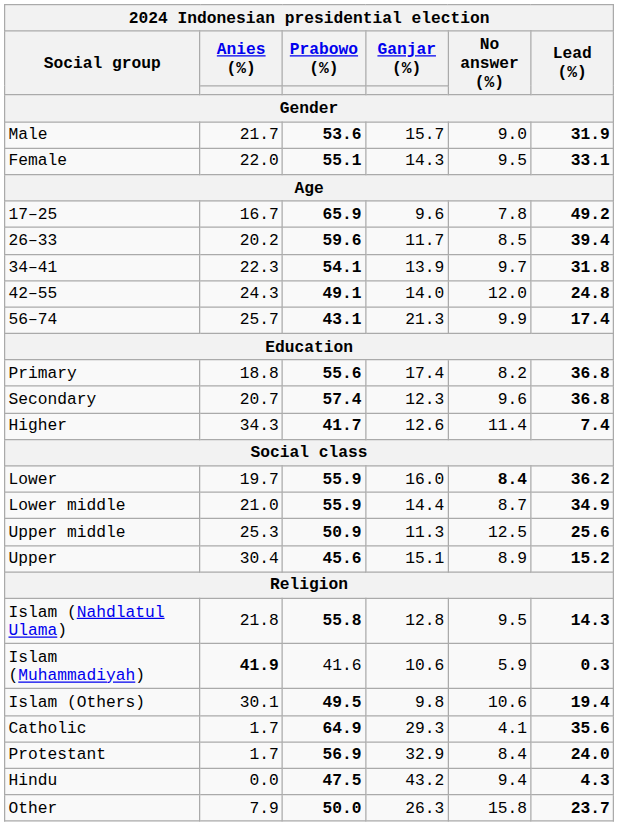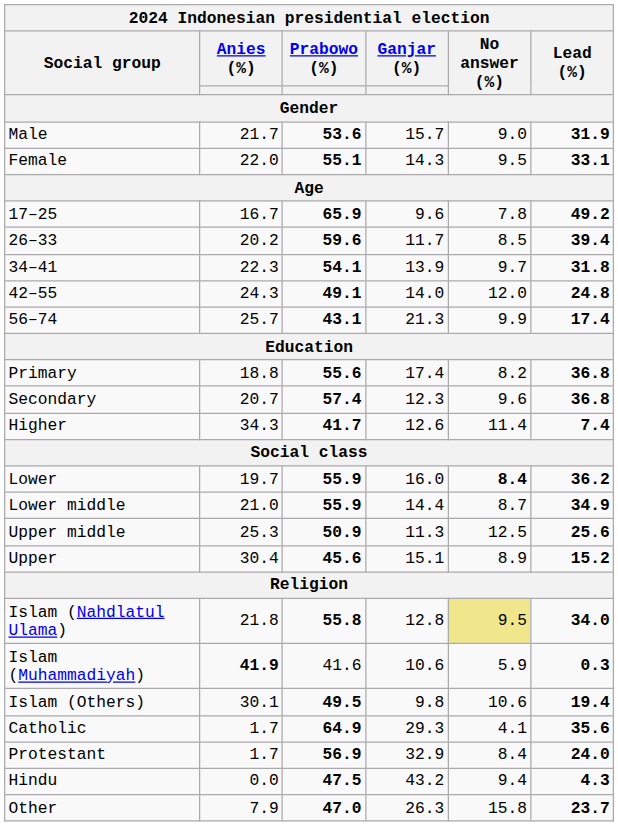 <table class=wikitable>
 <tr>
 <th colspan="6">2024 Indonesian presidential election</th>
 </tr>
 <tr>
 <th style="width:150px;" rowspan="2">Social group</th>
 <th style="width:60px;" class="unsortable"><a href='#'>Anies</a><br>(%)</th>
 <th style="width:60px;" class="unsortable"><a href='#'>Prabowo</a><br>(%)</th>
 <th style="width:60px;" class="unsortable"><a href='#'>Ganjar</a><br>(%)</th>
 <th style="width:60px;" rowspan="2" class="unsortable">No answer<br>(%)</th>
 <th style="width:60px;" rowspan="2" class="unsortable">Lead<br>(%)</th>
 </tr>
 <tr>
 <th class="unsortable" style="color:inherit;background:"></th>
 <th class="unsortable" style="color:inherit;background:"></th>
 <th class="unsortable" style="color:inherit;background:"></th>
 </tr>
 <tr>
 <th colspan="6">Gender</th>
 </tr>
 <tr>
 <td>Male</td>
 <td style="text-align:right;">21.7</td>
 <td style="text-align:right;background:"><strong>53.6</strong></td>
 <td style="text-align:right;">15.7</td>
 <td style="text-align:right;">9.0</td>
 <td style="text-align:right; background:"><strong>31.9</strong></td>
 </tr>
 <tr>
 <td>Female</td>
 <td style="text-align:right;">22.0</td>
 <td style="text-align:right;background:"><strong>55.1</strong></td>
 <td style="text-align:right;">14.3</td>
 <td style="text-align:right;">9.5</td>
 <td style="text-align:right; background:"><strong>33.1</strong></td>
 </tr>
 <tr>
 <th colspan="6">Age</th>
 </tr>
 <tr>
 <td>17–25</td>
 <td style="text-align:right;">16.7</td>
 <td style="text-align:right;background:"><strong>65.9</strong></td>
 <td style="text-align:right;">9.6</td>
 <td style="text-align:right;">7.8</td>
 <td style="text-align:right; background: "><strong>49.2</strong></td>
 </tr>
 <tr>
 <td>26–33</td>
 <td style="text-align:right;">20.2</td>
 <td style="text-align:right;background:"><strong>59.6</strong></td>
 <td style="text-align:right;">11.7</td>
 <td style="text-align:right;">8.5</td>
 <td style="text-align:right; background: "><strong>39.4</strong></td>
 </tr>
 <tr>
 <td>34–41</td>
 <td style="text-align:right;">22.3</td>
 <td style="text-align:right;background:"><strong>54.1</strong></td>
 <td style="text-align:right;">13.9</td>
 <td style="text-align:right;">9.7</td>
 <td style="text-align:right; background: "><strong>31.8</strong></td>
 </tr>
 <tr>
 <td>42–55</td>
 <td style="text-align:right;">24.3</td>
 <td style="text-align:right;background:"><strong>49.1</strong></td>
 <td style="text-align:right;">14.0</td>
 <td style="text-align:right;">12.0</td>
 <td style="text-align:right; background:"><strong>24.8</strong></td>
 </tr>
 <tr>
 <td>56–74</td>
 <td style="text-align:right;”">25.7</td>
 <td style="text-align:right;background:"><strong> 43.1</strong></td>
 <td style="text-align:right;">21.3</td>
 <td style="text-align:right;">9.9</td>
 <td style="text-align:right; background: "><strong>17.4</strong></td>
 </tr>
 <tr>
 <th colspan="6">Education</th>
 </tr>
 <tr>
 <td>Primary</td>
 <td style="text-align:right;”">18.8</td>
 <td style="text-align:right;background:"><strong>55.6</strong></td>
 <td style="text-align:right;">17.4</td>
 <td style="text-align:right;">8.2</td>
 <td style="text-align:right; background: "><strong>36.8</strong></td>
 </tr>
 <tr>
 <td>Secondary</td>
 <td style="text-align:right;”">20.7</td>
 <td style="text-align:right;background:"><strong>57.4</strong></td>
 <td style="text-align:right;">12.3</td>
 <td style="text-align:right;">9.6</td>
 <td style="text-align:right; background: "><strong>36.8</strong></td>
 </tr>
 <tr>
 <td>Higher</td>
 <td style="text-align:right;”">34.3</td>
 <td style="text-align:right;background:"><strong>41.7</strong></td>
 <td style="text-align:right;">12.6</td>
 <td style="text-align:right;">11.4</td>
 <td style="text-align:right; background: "><strong>7.4</strong></td>
 </tr>
 <tr>
 <th colspan="6">Social class</th>
 </tr>
 <tr>
 <td>Lower</td>
 <td style="text-align:right;”">19.7</td>
 <td style="text-align:right;background:"><strong>55.9</strong></td>
 <td style="text-align:right;">16.0</td>
 <td style="text-align:right;"><strong>8.4</strong></td>
 <td style="text-align:right; background: "><strong>36.2</strong></td>
 </tr>
 <tr>
 <td>Lower middle</td>
 <td style="text-align:right;”">21.0</td>
 <td style="text-align:right;background:"><strong>55.9</strong></td>
 <td style="text-align:right;">14.4</td>
 <td style="text-align:right;">8.7</td>
 <td style="text-align:right; background: "><strong>34.9</strong></td>
 </tr>
 <tr>
 <td>Upper middle</td>
 <td style="text-align:right;”">25.3</td>
 <td style="text-align:right;background:"><strong>50.9</strong></td>
 <td style="text-align:right;">11.3</td>
 <td style="text-align:right;">12.5</td>
 <td style="text-align:right; background: "><strong>25.6</strong></td>
 </tr>
 <tr>
 <td>Upper</td>
 <td style="text-align:right;”">30.4</td>
 <td style="text-align:right;background:"><strong>45.6</strong></td>
 <td style="text-align:right;">15.1</td>
 <td style="text-align:right;">8.9</td>
 <td style="text-align:right; background: "><strong>15.2</strong></td>
 </tr>
 <tr>
 <th colspan="6">Religion</th>
 </tr>
 <tr>
 <td>Islam (<a href='#'>Nahdlatul Ulama</a>)</td>
 <td style="text-align:right;”">21.8</td>
 <td style="text-align:right;background:"><strong>55.8</strong></td>
 <td style="text-align:right;">12.8</td>
-<td style="text-align:right;">9.5</td>
-<td style="text-align:right; background: "><strong>14.3</strong></td>
+<td style="background: khaki; text-align:right;">9.5</td>
+<td style="text-align:right; background: "><strong>34.0</strong></td>
 </tr>
 <tr>
 <td>Islam (<a href='#'>Muhammadiyah</a>)</td>
 <td style="text-align:right;background:"><strong>41.9</strong></td>
 <td style="text-align:right;">41.6</td>
 <td style="text-align:right;">10.6</td>
 <td style="text-align:right;">5.9</td>
 <td style="text-align:right; background: "><strong>0.3</strong></td>
 </tr>
 <tr>
 <td>Islam (Others)</td>
 <td style="text-align:right;”">30.1</td>
 <td style="text-align:right;background:"><strong>49.5</strong></td>
 <td style="text-align:right;">9.8</td>
 <td style="text-align:right;">10.6</td>
 <td style="text-align:right; background: "><strong>19.4</strong></td>
 </tr>
 <tr>
 <td>Catholic</td>
 <td style="text-align:right;”">1.7</td>
 <td style="text-align:right;background:"><strong>64.9</strong></td>
 <td style="text-align:right;">29.3</td>
 <td style="text-align:right;">4.1</td>
 <td style="text-align:right; background: "><strong>35.6</strong></td>
 </tr>
 <tr>
 <td>Protestant</td>
 <td style="text-align:right;”">1.7</td>
 <td style="text-align:right;background:"><strong>56.9</strong></td>
 <td style="text-align:right;">32.9</td>
 <td style="text-align:right;">8.4</td>
 <td style="text-align:right; background: "><strong>24.0</strong></td>
 </tr>
 <tr>
 <td>Hindu</td>
 <td style="text-align:right;”">0.0</td>
 <td style="text-align:right;background:"><strong>47.5</strong></td>
 <td style="text-align:right;">43.2</td>
 <td style="text-align:right;">9.4</td>
 <td style="text-align:right; background: "><strong>4.3</strong></td>
 </tr>
 <tr>
 <td>Other</td>
 <td style="text-align:right;”">7.9</td>
-<td style="text-align:right;background:"><strong>50.0</strong></td>
+<td style="text-align:right;background:"><strong>47.0</strong></td>
 <td style="text-align:right;">26.3</td>
 <td style="text-align:right;">15.8</td>
 <td style="text-align:right; background: "><strong>23.7</strong></td>
 </tr>
 </table>
